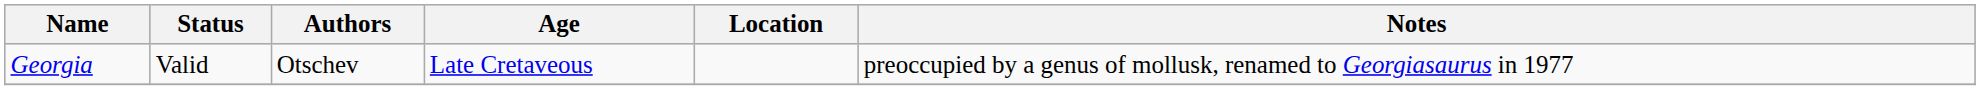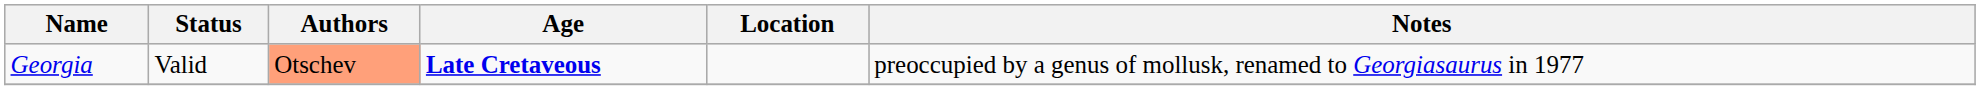 <table class="wikitable sortable" align="center" width="100%">
 <tr>
 <th>Name</th>
 <th>Status</th>
 <th>Authors</th>
 <th>Age</th>
 <th>Location</th>
 <th>Notes</th>
 </tr>
 <tr>
 <td><em><a href='#'>Georgia</a></em></td>
 <td>Valid</td>
-<td>Otschev</td>
-<td><a href='#'>Late Cretaveous</a></td>
+<td style="background: lightsalmon;">Otschev</td>
+<td><strong><a href='#'>Late Cretaveous</a></strong></td>
 <td></td>
 <td>preoccupied by a genus of mollusk, renamed to <em><a href='#'>Georgiasaurus</a></em> in 1977</td>
 </tr>
 <tr>
 </tr>
 </table>
